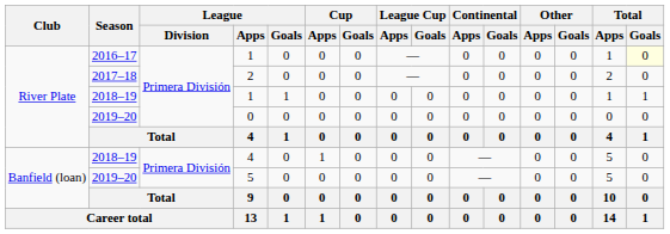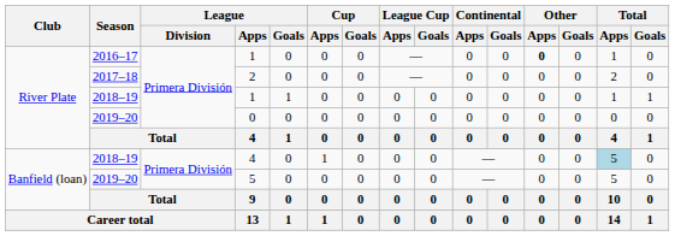 <table class="wikitable" style="text-align:center">
 <tr>
 <th rowspan="2">Club</th>
 <th rowspan="2">Season</th>
 <th colspan="3">League</th>
 <th colspan="2">Cup</th>
 <th colspan="2">League Cup</th>
 <th colspan="2">Continental</th>
 <th colspan="2">Other</th>
 <th colspan="2">Total</th>
 </tr>
 <tr>
 <th>Division</th>
 <th>Apps</th>
 <th>Goals</th>
 <th>Apps</th>
 <th>Goals</th>
 <th>Apps</th>
 <th>Goals</th>
 <th>Apps</th>
 <th>Goals</th>
 <th>Apps</th>
 <th>Goals</th>
 <th>Apps</th>
 <th>Goals</th>
 </tr>
 <tr>
 <td rowspan="5"><a href='#'>River Plate</a></td>
 <td><a href='#'>2016–17</a></td>
 <td rowspan="4"><a href='#'>Primera División</a></td>
 <td>1</td>
 <td>0</td>
 <td>0</td>
 <td>0</td>
 <td colspan="2">—</td>
 <td>0</td>
 <td>0</td>
-<td>0</td>
+<td><strong>0</strong></td>
 <td>0</td>
 <td>1</td>
-<td style="background: lightyellow;">0</td>
+<td>0</td>
 </tr>
 <tr>
 <td><a href='#'>2017–18</a></td>
 <td>2</td>
 <td>0</td>
 <td>0</td>
 <td>0</td>
 <td colspan="2">—</td>
 <td>0</td>
 <td>0</td>
 <td>0</td>
 <td>0</td>
 <td>2</td>
 <td>0</td>
 </tr>
 <tr>
 <td><a href='#'>2018–19</a></td>
 <td>1</td>
 <td>1</td>
 <td>0</td>
 <td>0</td>
 <td>0</td>
 <td>0</td>
 <td>0</td>
 <td>0</td>
 <td>0</td>
 <td>0</td>
 <td>1</td>
 <td>1</td>
 </tr>
 <tr>
 <td><a href='#'>2019–20</a></td>
 <td>0</td>
 <td>0</td>
 <td>0</td>
 <td>0</td>
 <td>0</td>
 <td>0</td>
 <td>0</td>
 <td>0</td>
 <td>0</td>
 <td>0</td>
 <td>0</td>
 <td>0</td>
 </tr>
 <tr>
 <th colspan="2">Total</th>
 <th>4</th>
 <th>1</th>
 <th>0</th>
 <th>0</th>
 <th>0</th>
 <th>0</th>
 <th>0</th>
 <th>0</th>
 <th>0</th>
 <th>0</th>
 <th>4</th>
 <th>1</th>
 </tr>
 <tr>
 <td rowspan="3"><a href='#'>Banfield</a> (loan)</td>
 <td><a href='#'>2018–19</a></td>
 <td rowspan="2"><a href='#'>Primera División</a></td>
 <td>4</td>
 <td>0</td>
 <td>1</td>
 <td>0</td>
 <td>0</td>
 <td>0</td>
 <td colspan="2">—</td>
 <td>0</td>
 <td>0</td>
-<td>5</td>
+<td style="background: lightblue;">5</td>
 <td>0</td>
 </tr>
 <tr>
 <td><a href='#'>2019–20</a></td>
 <td>5</td>
 <td>0</td>
 <td>0</td>
 <td>0</td>
 <td>0</td>
 <td>0</td>
 <td colspan="2">—</td>
 <td>0</td>
 <td>0</td>
 <td>5</td>
 <td>0</td>
 </tr>
 <tr>
 <th colspan="2">Total</th>
 <th>9</th>
 <th>0</th>
 <th>0</th>
 <th>0</th>
 <th>0</th>
 <th>0</th>
 <th>0</th>
 <th>0</th>
 <th>0</th>
 <th>0</th>
 <th>10</th>
 <th>0</th>
 </tr>
 <tr>
 <th colspan="3">Career total</th>
 <th>13</th>
 <th>1</th>
 <th>1</th>
 <th>0</th>
 <th>0</th>
 <th>0</th>
 <th>0</th>
 <th>0</th>
 <th>0</th>
 <th>0</th>
 <th>14</th>
 <th>1</th>
 </tr>
 </table>
